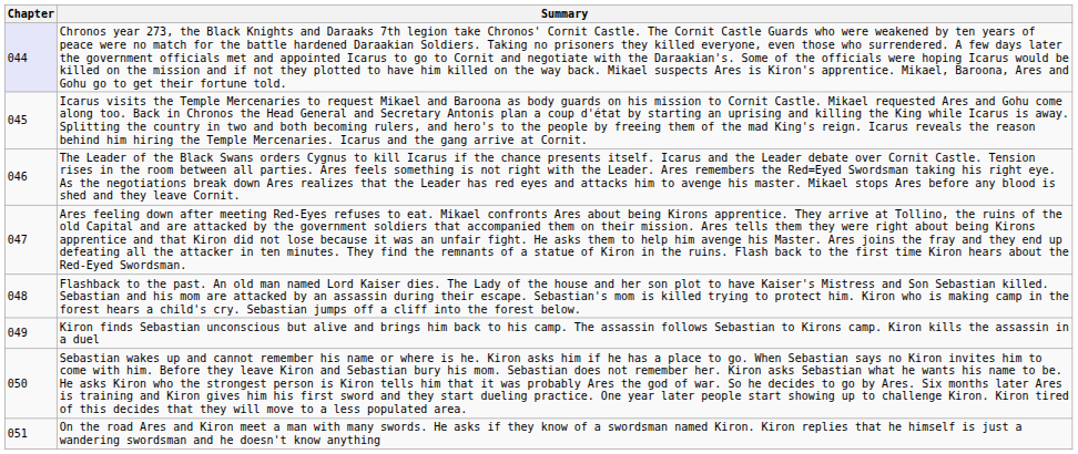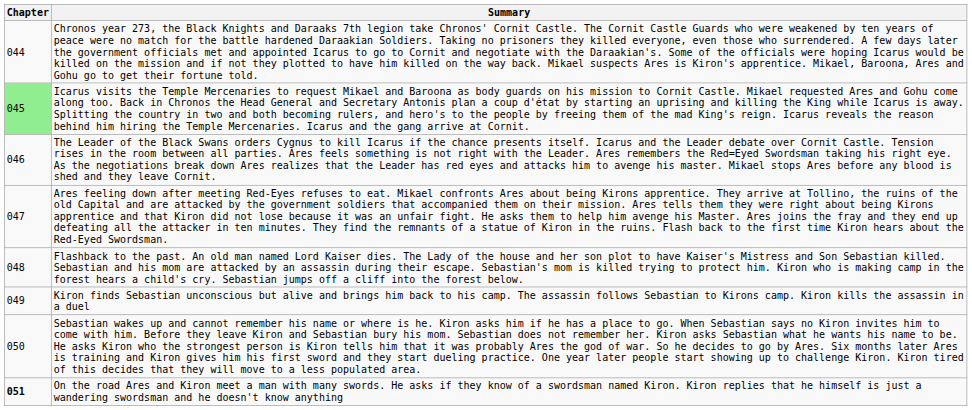 <table class="wikitable">
 <tr>
 <th>Chapter</th>
 <th>Summary</th>
 </tr>
 <tr>
-<td style="background: lavender;">044</td>
+<td>044</td>
 <td>Chronos year 273, the Black Knights and Daraaks 7th legion take Chronos' Cornit Castle. The Cornit Castle Guards who were weakened by ten years of peace were no match for the battle hardened Daraakian Soldiers. Taking no prisoners they killed everyone, even those who surrendered. A few days later the government officials met and appointed Icarus to go to Cornit and negotiate with the Daraakian's. Some of the officials were hoping Icarus would be killed on the mission and if not they plotted to have him killed on the way back. Mikael suspects Ares is Kiron's apprentice. Mikael, Baroona, Ares and Gohu go to get their fortune told.</td>
 </tr>
 <tr>
-<td>045</td>
+<td style="background: lightgreen;">045</td>
 <td>Icarus visits the Temple Mercenaries to request Mikael and Baroona as body guards on his mission to Cornit Castle. Mikael requested Ares and Gohu come along too. Back in Chronos the Head General and Secretary Antonis plan a coup d'état by starting an uprising and killing the King while Icarus is away. Splitting the country in two and both becoming rulers, and hero's to the people by freeing them of the mad King's reign. Icarus reveals the reason behind him hiring the Temple Mercenaries. Icarus and the gang arrive at Cornit.</td>
 </tr>
 <tr>
 <td>046</td>
 <td>The Leader of the Black Swans orders Cygnus to kill Icarus if the chance presents itself. Icarus and the Leader debate over Cornit Castle. Tension rises in the room between all parties. Ares feels something is not right with the Leader. Ares remembers the Red=Eyed Swordsman taking his right eye. As the negotiations break down Ares realizes that the Leader has red eyes and attacks him to avenge his master. Mikael stops Ares before any blood is shed and they leave Cornit.</td>
 </tr>
 <tr>
 <td>047</td>
 <td>Ares feeling down after meeting Red-Eyes refuses to eat. Mikael confronts Ares about being Kirons apprentice. They arrive at Tollino, the ruins of the old Capital and are attacked by the government soldiers that accompanied them on their mission. Ares tells them they were right about being Kirons apprentice and that Kiron did not lose because it was an unfair fight. He asks them to help him avenge his Master. Ares joins the fray and they end up defeating all the attacker in ten minutes. They find the remnants of a statue of Kiron in the ruins. Flash back to the first time Kiron hears about the Red-Eyed Swordsman.</td>
 </tr>
 <tr>
 <td>048</td>
 <td>Flashback to the past. An old man named Lord Kaiser dies. The Lady of the house and her son plot to have Kaiser's Mistress and Son Sebastian killed. Sebastian and his mom are attacked by an assassin during their escape. Sebastian's mom is killed trying to protect him. Kiron who is making camp in the forest hears a child's cry. Sebastian jumps off a cliff into the forest below.</td>
 </tr>
 <tr>
 <td>049</td>
 <td>Kiron finds Sebastian unconscious but alive and brings him back to his camp. The assassin follows Sebastian to Kirons camp. Kiron kills the assassin in a duel</td>
 </tr>
 <tr>
 <td>050</td>
 <td>Sebastian wakes up and cannot remember his name or where is he. Kiron asks him if he has a place to go. When Sebastian says no Kiron invites him to come with him. Before they leave Kiron and Sebastian bury his mom. Sebastian does not remember her. Kiron asks Sebastian what he wants his name to be. He asks Kiron who the strongest person is Kiron tells him that it was probably Ares the god of war. So he decides to go by Ares. Six months later Ares is training and Kiron gives him his first sword and they start dueling practice. One year later people start showing up to challenge Kiron. Kiron tired of this decides that they will move to a less populated area.</td>
 </tr>
 <tr>
-<td>051</td>
+<td><strong>051</strong></td>
 <td>On the road Ares and Kiron meet a man with many swords. He asks if they know of a swordsman named Kiron. Kiron replies that he himself is just a wandering swordsman and he doesn't know anything</td>
 </tr>
 </table>
